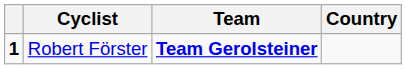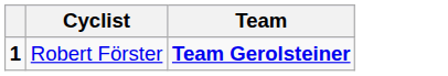 <table class="wikitable">
 <tr style="background:#ccccff;">
 <th></th>
 <th>Cyclist</th>
 <th>Team</th>
-<th>Country</th>
 </tr>
 <tr>
 <td><strong>1</strong></td>
 <td><a href='#'>Robert Förster</a></td>
 <td><strong><a href='#'>Team Gerolsteiner</a></strong></td>
-<td></td>
 </tr>
 </table>
